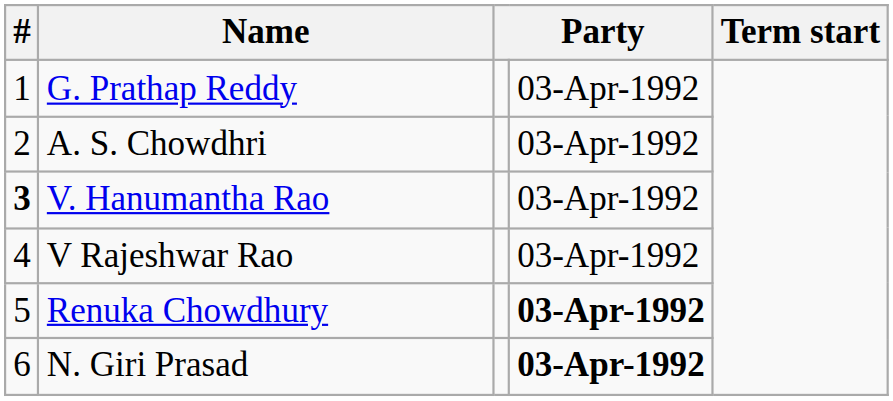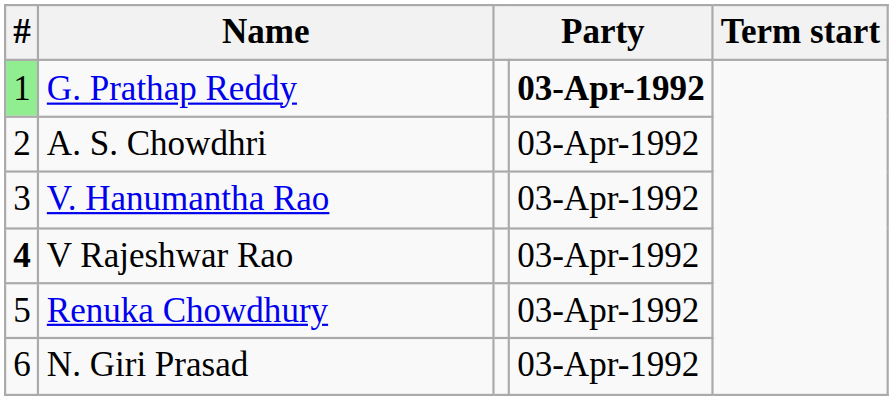 <table class="wikitable">
 <tr>
 <th>#</th>
 <th style="width:200px">Name</th>
 <th colspan="2">Party</th>
 <th>Term start</th>
 </tr>
 <tr>
-<td>1</td>
+<td style="background: lightgreen;">1</td>
 <td><a href='#'>G. Prathap Reddy</a></td>
 <td></td>
-<td>03-Apr-1992</td>
+<td><strong>03-Apr-1992</strong></td>
 </tr>
 <tr>
 <td>2</td>
 <td>A. S. Chowdhri</td>
 <td></td>
 <td>03-Apr-1992</td>
 </tr>
 <tr>
-<td><strong>3</strong></td>
+<td>3</td>
 <td><a href='#'>V. Hanumantha Rao</a></td>
 <td></td>
 <td>03-Apr-1992</td>
 </tr>
 <tr>
-<td>4</td>
+<td><strong>4</strong></td>
 <td>V Rajeshwar Rao</td>
 <td></td>
 <td>03-Apr-1992</td>
 </tr>
 <tr>
 <td>5</td>
 <td><a href='#'>Renuka Chowdhury</a></td>
 <td></td>
-<td><strong>03-Apr-1992</strong></td>
+<td>03-Apr-1992</td>
 </tr>
 <tr>
 <td>6</td>
 <td>N. Giri Prasad</td>
 <td></td>
-<td><strong>03-Apr-1992</strong></td>
+<td>03-Apr-1992</td>
 </tr>
 </table>
